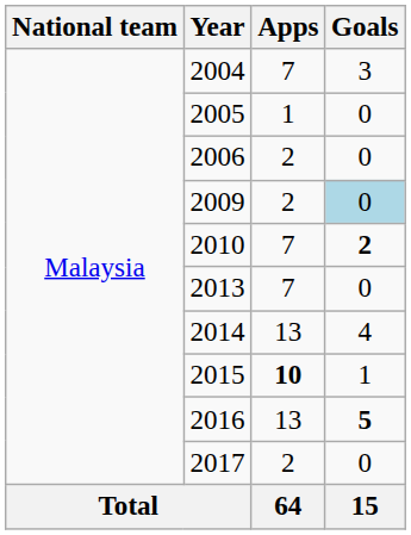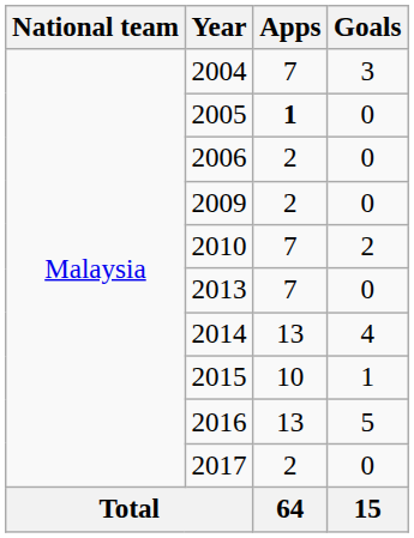 <table class="wikitable" style="text-align:center">
 <tr>
 <th>National team</th>
 <th>Year</th>
 <th>Apps</th>
 <th>Goals</th>
 </tr>
 <tr>
 <td rowspan="10"><a href='#'>Malaysia</a></td>
 <td>2004</td>
 <td>7</td>
 <td>3</td>
 </tr>
 <tr>
 <td>2005</td>
-<td>1</td>
+<td><strong>1</strong></td>
 <td>0</td>
 </tr>
 <tr>
 <td>2006</td>
 <td>2</td>
 <td>0</td>
 </tr>
 <tr>
 <td>2009</td>
 <td>2</td>
-<td style="background: lightblue;">0</td>
+<td>0</td>
 </tr>
 <tr>
 <td>2010</td>
 <td>7</td>
-<td><strong>2</strong></td>
+<td>2</td>
 </tr>
 <tr>
 <td>2013</td>
 <td>7</td>
 <td>0</td>
 </tr>
 <tr>
 <td>2014</td>
 <td>13</td>
 <td>4</td>
 </tr>
 <tr>
 <td>2015</td>
-<td><strong>10</strong></td>
+<td>10</td>
 <td>1</td>
 </tr>
 <tr>
 <td>2016</td>
 <td>13</td>
-<td><strong>5</strong></td>
+<td>5</td>
 </tr>
 <tr>
 <td>2017</td>
 <td>2</td>
 <td>0</td>
 </tr>
 <tr>
 <th colspan="2">Total</th>
 <th>64</th>
 <th>15</th>
 </tr>
 </table>
